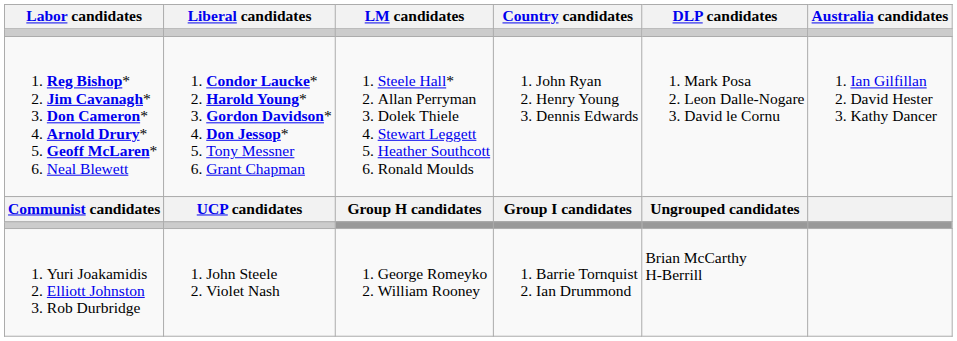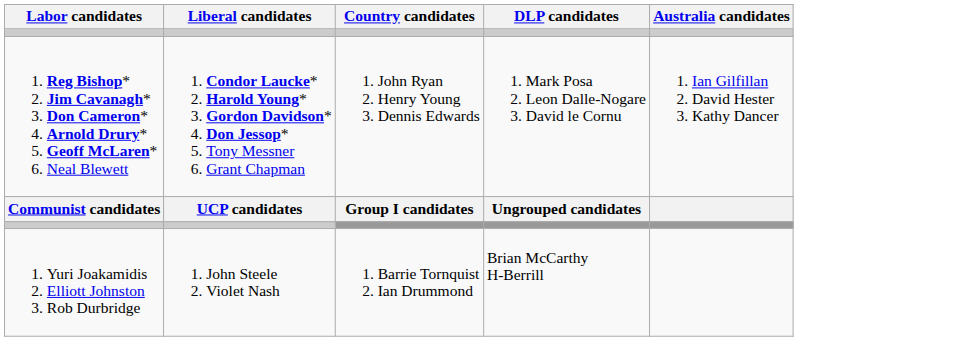 <table class="wikitable">
 <tr>
 <th><a href='#'>Labor</a> candidates</th>
 <th><a href='#'>Liberal</a> candidates</th>
-<th><a href='#'>LM</a> candidates</th>
 <th><a href='#'>Country</a> candidates</th>
 <th><a href='#'>DLP</a> candidates</th>
 <th><a href='#'>Australia</a> candidates</th>
 </tr>
 <tr bgcolor="#cccccc">
 <td></td>
 <td></td>
 <td></td>
 <td></td>
 <td></td>
-<td></td>
 </tr>
 <tr>
 <td><br><ol><li><strong><a href='#'>Reg Bishop</a></strong>*</li><li><strong><a href='#'>Jim Cavanagh</a></strong>*</li><li><strong><a href='#'>Don Cameron</a></strong>*</li><li><strong><a href='#'>Arnold Drury</a></strong>*</li><li><strong><a href='#'>Geoff McLaren</a></strong>*</li><li><a href='#'>Neal Blewett</a></li></ol></td>
 <td><br><ol><li><strong><a href='#'>Condor Laucke</a></strong>*</li><li><strong><a href='#'>Harold Young</a></strong>*</li><li><strong><a href='#'>Gordon Davidson</a></strong>*</li><li><strong><a href='#'>Don Jessop</a></strong>*</li><li><a href='#'>Tony Messner</a></li><li><a href='#'>Grant Chapman</a></li></ol></td>
-<td><br><ol><li><a href='#'>Steele Hall</a>*</li><li>Allan Perryman</li><li>Dolek Thiele</li><li><a href='#'>Stewart Leggett</a></li><li><a href='#'>Heather Southcott</a></li><li>Ronald Moulds</li></ol></td>
 <td valign=top><br><ol><li>John Ryan</li><li>Henry Young</li><li>Dennis Edwards</li></ol></td>
 <td valign=top><br><ol><li>Mark Posa</li><li>Leon Dalle-Nogare</li><li>David le Cornu</li></ol></td>
 <td valign=top><br><ol><li><a href='#'>Ian Gilfillan</a></li><li>David Hester</li><li>Kathy Dancer</li></ol></td>
 </tr>
 <tr bgcolor="#cccccc">
 <th><a href='#'>Communist</a> candidates</th>
 <th><a href='#'>UCP</a> candidates</th>
-<th>Group H candidates</th>
 <th>Group I candidates</th>
 <th>Ungrouped candidates</th>
 <th></th>
 </tr>
 <tr bgcolor="#cccccc">
 <td></td>
 <td></td>
 <td bgcolor="#999999"></td>
 <td bgcolor="#999999"></td>
 <td bgcolor="#999999"></td>
-<td bgcolor="#999999"></td>
 </tr>
 <tr>
 <td valign=top><br><ol><li>Yuri Joakamidis</li><li><a href='#'>Elliott Johnston</a></li><li>Rob Durbridge</li></ol></td>
 <td valign=top><br><ol><li>John Steele</li><li>Violet Nash</li></ol></td>
-<td valign=top><br><ol><li>George Romeyko</li><li>William Rooney</li></ol></td>
 <td valign=top><br><ol><li>Barrie Tornquist</li><li>Ian Drummond</li></ol></td>
 <td valign=top><br>Brian McCarthy<br> H-Berrill</td>
 <td valign=top></td>
 </tr>
 </table>
